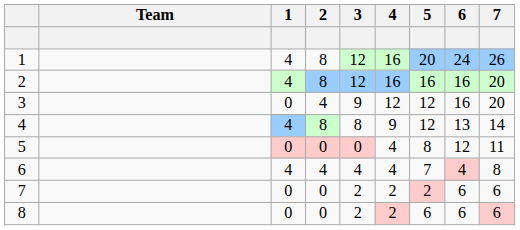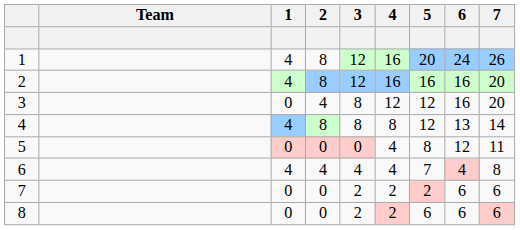 <table class="wikitable sortable" style="text-align:center; line-height: 90%;" width=40%>
 <tr>
 <th width=20 abbr="Position"></th>
 <th width=175px>Team</th>
 <th width=20 abbr="Round 1">1</th>
 <th width=20 abbr="Round 2">2</th>
 <th width=20 abbr="Round 3">3</th>
 <th width=20 abbr="Round 4">4</th>
 <th width=20 abbr="Round 5">5</th>
 <th width=20 abbr="Round 6">6</th>
 <th width=20 abbr="Round 7">7</th>
 </tr>
 <tr>
 <th></th>
 <th></th>
 <th></th>
 <th></th>
 <th></th>
 <th></th>
 <th></th>
 <th></th>
 <th> </th>
 </tr>
 <tr>
 <td>1</td>
 <td style="text-align:left"></td>
 <td>4</td>
 <td>8</td>
 <td style="background:#ccffcc;">12</td>
 <td style="background:#ccffcc;">16</td>
 <td style="background:#99ccff;">20</td>
 <td style="background:#99ccff;">24</td>
 <td style="background:#99ccff;">26</td>
 </tr>
 <tr>
 <td>2</td>
 <td style="text-align:left"></td>
 <td style="background:#ccffcc;">4</td>
 <td style="background:#99ccff;">8</td>
 <td style="background:#99ccff;">12</td>
 <td style="background:#99ccff;">16</td>
 <td style="background:#ccffcc;">16</td>
 <td style="background:#ccffcc;">16</td>
 <td style="background:#ccffcc;">20</td>
 </tr>
 <tr>
 <td>3</td>
 <td style="text-align:left"></td>
 <td>0</td>
 <td>4</td>
-<td>9</td>
+<td>8</td>
 <td>12</td>
 <td>12</td>
 <td>16</td>
 <td>20</td>
 </tr>
 <tr>
 <td>4</td>
 <td style="text-align:left"></td>
 <td style="background:#99ccff;">4</td>
 <td style="background:#ccffcc;">8</td>
 <td>8</td>
-<td>9</td>
+<td>8</td>
 <td>12</td>
 <td>13</td>
 <td>14</td>
 </tr>
 <tr>
 <td>5</td>
 <td style="text-align:left"></td>
 <td style="background:#ffcccc;">0</td>
 <td style="background:#ffcccc;">0</td>
 <td style="background:#ffcccc;">0</td>
 <td>4</td>
 <td>8</td>
 <td>12</td>
 <td>11</td>
 </tr>
 <tr>
 <td>6</td>
 <td style="text-align:left"></td>
 <td>4</td>
 <td>4</td>
 <td>4</td>
 <td>4</td>
 <td>7</td>
 <td style="background:#ffcccc;">4</td>
 <td>8</td>
 </tr>
 <tr>
 <td>7</td>
 <td style="text-align:left"></td>
 <td>0</td>
 <td>0</td>
 <td>2</td>
 <td>2</td>
 <td style="background:#ffcccc;">2</td>
 <td>6</td>
 <td>6</td>
 </tr>
 <tr>
 <td>8</td>
 <td style="text-align:left"></td>
 <td>0</td>
 <td>0</td>
 <td>2</td>
 <td style="background:#ffcccc;">2</td>
 <td>6</td>
 <td>6</td>
 <td style="background:#ffcccc;">6</td>
 </tr>
 </table>
